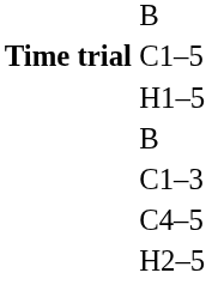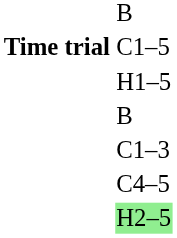 <table>
 <tr>
 <th rowspan="3">Time trial</th>
 <td>B<br></td>
 <td></td>
 <td></td>
 <td></td>
 </tr>
 <tr>
 <td>C1–5<br></td>
 <td></td>
 <td></td>
 <td></td>
 </tr>
 <tr>
 <td>H1–5<br></td>
 <td></td>
 <td></td>
 <td></td>
 </tr>
 <tr>
 <th rowspan="4"></th>
 <td>B<br></td>
 <td></td>
 <td></td>
 <td></td>
 </tr>
 <tr>
 <td>C1–3<br></td>
 <td></td>
 <td></td>
 <td></td>
 </tr>
 <tr>
 <td>C4–5<br></td>
 <td></td>
 <td></td>
 <td></td>
 </tr>
 <tr>
-<td>H2–5<br></td>
+<td style="background: lightgreen;">H2–5<br></td>
 <td></td>
 <td></td>
 <td></td>
 </tr>
 </table>
